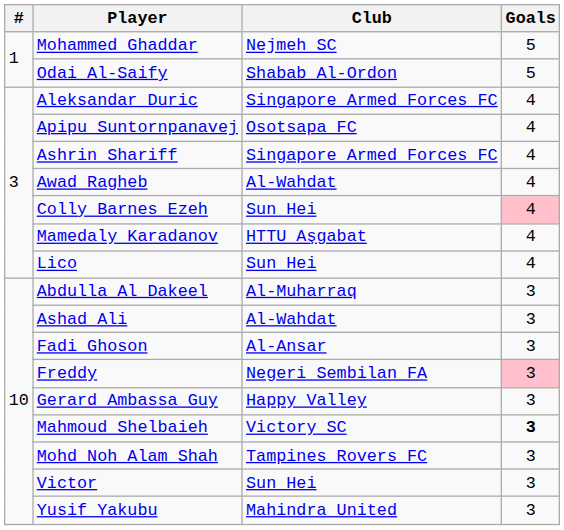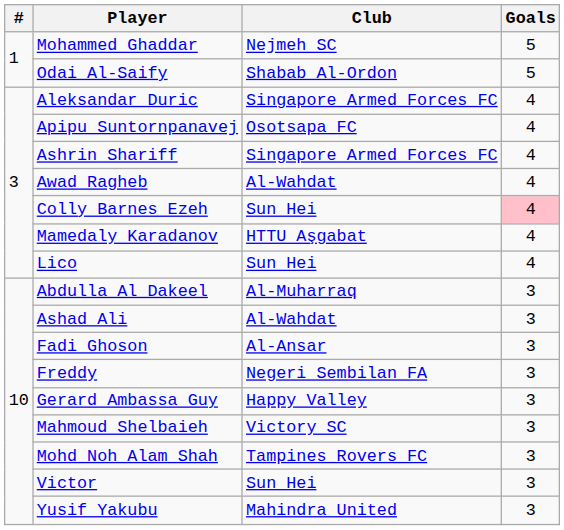 <table class="wikitable">
 <tr>
 <th>#</th>
 <th>Player</th>
 <th>Club</th>
 <th>Goals</th>
 </tr>
 <tr>
 <td rowspan=2>1</td>
 <td> <a href='#'>Mohammed Ghaddar</a></td>
 <td> <a href='#'>Nejmeh SC</a></td>
 <td align=center>5</td>
 </tr>
 <tr>
 <td> <a href='#'>Odai Al-Saify</a></td>
 <td> <a href='#'>Shabab Al-Ordon</a></td>
 <td align=center>5</td>
 </tr>
 <tr>
 <td rowspan=7>3</td>
 <td>  <a href='#'>Aleksandar Duric</a></td>
 <td> <a href='#'>Singapore Armed Forces FC</a></td>
 <td align=center>4</td>
 </tr>
 <tr>
 <td> <a href='#'>Apipu Suntornpanavej</a></td>
 <td> <a href='#'>Osotsapa FC</a></td>
 <td align=center>4</td>
 </tr>
 <tr>
 <td> <a href='#'>Ashrin Shariff</a></td>
 <td> <a href='#'>Singapore Armed Forces FC</a></td>
 <td align=center>4</td>
 </tr>
 <tr>
 <td> <a href='#'>Awad Ragheb</a></td>
 <td> <a href='#'>Al-Wahdat</a></td>
 <td align=center>4</td>
 </tr>
 <tr>
 <td> <a href='#'>Colly Barnes Ezeh</a></td>
 <td> <a href='#'>Sun Hei</a></td>
 <td align=center style="background: pink;">4</td>
 </tr>
 <tr>
 <td> <a href='#'>Mamedaly Karadanov</a></td>
 <td> <a href='#'>HTTU Aşgabat</a></td>
 <td align=center>4</td>
 </tr>
 <tr>
 <td> <a href='#'>Lico</a></td>
 <td> <a href='#'>Sun Hei</a></td>
 <td align=center>4</td>
 </tr>
 <tr>
 <td rowspan=9>10</td>
 <td> <a href='#'>Abdulla Al Dakeel</a></td>
 <td> <a href='#'>Al-Muharraq</a></td>
 <td align=center>3</td>
 </tr>
 <tr>
 <td> <a href='#'>Ashad Ali</a></td>
 <td> <a href='#'>Al-Wahdat</a></td>
 <td align=center>3</td>
 </tr>
 <tr>
 <td> <a href='#'>Fadi Ghoson</a></td>
 <td> <a href='#'>Al-Ansar</a></td>
 <td align=center>3</td>
 </tr>
 <tr>
 <td> <a href='#'>Freddy</a></td>
 <td> <a href='#'>Negeri Sembilan FA</a></td>
-<td align=center style="background: pink;">3</td>
+<td align=center>3</td>
 </tr>
 <tr>
 <td> <a href='#'>Gerard Ambassa Guy</a></td>
 <td> <a href='#'>Happy Valley</a></td>
 <td align=center>3</td>
 </tr>
 <tr>
 <td> <a href='#'>Mahmoud Shelbaieh</a></td>
 <td> <a href='#'>Victory SC</a></td>
-<td align=center><strong>3</strong></td>
+<td align=center>3</td>
 </tr>
 <tr>
 <td> <a href='#'>Mohd Noh Alam Shah</a></td>
 <td> <a href='#'>Tampines Rovers FC</a></td>
 <td align=center>3</td>
 </tr>
 <tr>
 <td> <a href='#'>Victor</a></td>
 <td> <a href='#'>Sun Hei</a></td>
 <td align=center>3</td>
 </tr>
 <tr>
 <td> <a href='#'>Yusif Yakubu</a></td>
 <td> <a href='#'>Mahindra United</a></td>
 <td align=center>3</td>
 </tr>
 </table>
